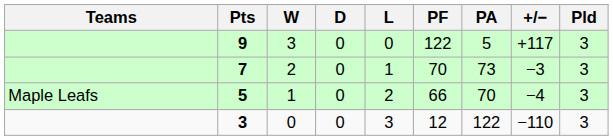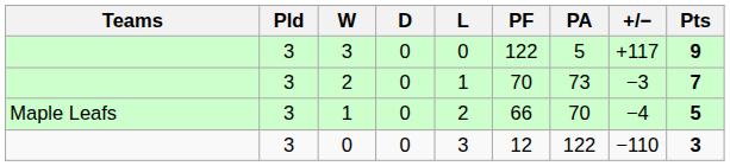 <table class="wikitable" style="text-align: center">
 <tr>
 <th width="200">Teams</th>
-<th width="40">Pts</th>
+<th width="40">Pld</th>
 <th width="40">W</th>
 <th width="40">D</th>
 <th width="40">L</th>
 <th width="40">PF</th>
 <th width="40">PA</th>
 <th width="40">+/−</th>
-<th width="40">Pld</th>
+<th width="40">Pts</th>
 </tr>
 <tr bgcolor=ccffcc>
 <td align=left></td>
-<td><strong>9</strong></td>
+<td>3</td>
 <td>3</td>
 <td>0</td>
 <td>0</td>
 <td>122</td>
 <td>5</td>
 <td>+117</td>
-<td>3</td>
+<td><strong>9</strong></td>
 </tr>
 <tr bgcolor=ccffcc>
 <td align=left></td>
-<td><strong>7</strong></td>
+<td>3</td>
 <td>2</td>
 <td>0</td>
 <td>1</td>
 <td>70</td>
 <td>73</td>
 <td>−3</td>
-<td>3</td>
+<td><strong>7</strong></td>
 </tr>
 <tr bgcolor=ccffcc>
 <td align=left> Maple Leafs</td>
-<td><strong>5</strong></td>
+<td>3</td>
 <td>1</td>
 <td>0</td>
 <td>2</td>
 <td>66</td>
 <td>70</td>
 <td>−4</td>
-<td>3</td>
+<td><strong>5</strong></td>
 </tr>
 <tr>
 <td align=left></td>
-<td><strong>3</strong></td>
+<td>3</td>
 <td>0</td>
 <td>0</td>
 <td>3</td>
 <td>12</td>
 <td>122</td>
 <td>−110</td>
-<td>3</td>
+<td><strong>3</strong></td>
 </tr>
 </table>
